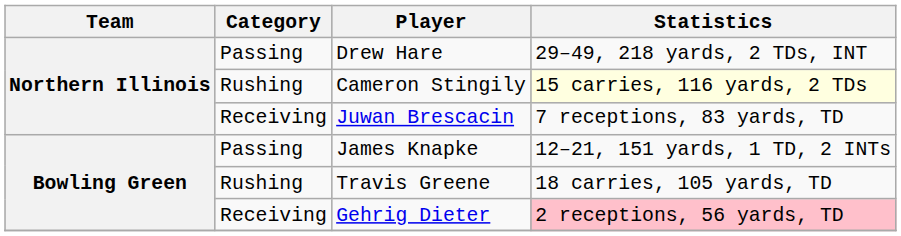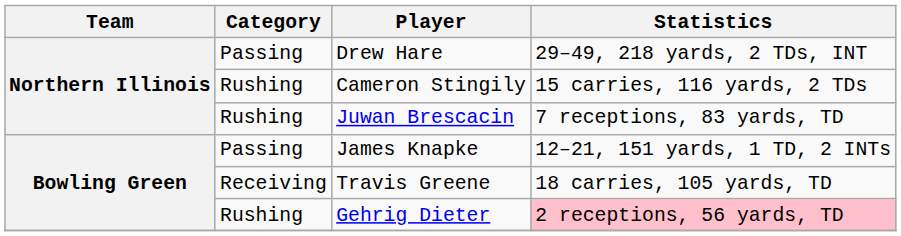 <table class="wikitable" style="float: right;">
 <tr>
 <th>Team</th>
 <th>Category</th>
 <th>Player</th>
 <th>Statistics</th>
 </tr>
 <tr>
 <th rowspan=3>Northern Illinois</th>
 <td>Passing</td>
 <td>Drew Hare</td>
 <td>29–49, 218 yards, 2 TDs, INT</td>
 </tr>
 <tr>
 <td>Rushing</td>
 <td>Cameron Stingily</td>
-<td style="background: lightyellow;">15 carries, 116 yards, 2 TDs</td>
+<td>15 carries, 116 yards, 2 TDs</td>
 </tr>
 <tr>
-<td>Receiving</td>
+<td>Rushing</td>
 <td><a href='#'>Juwan Brescacin</a></td>
 <td>7 receptions, 83 yards, TD</td>
 </tr>
 <tr>
 <th rowspan=3>Bowling Green</th>
 <td>Passing</td>
 <td>James Knapke</td>
 <td>12–21, 151 yards, 1 TD, 2 INTs</td>
 </tr>
 <tr>
-<td>Rushing</td>
+<td>Receiving</td>
 <td>Travis Greene</td>
 <td>18 carries, 105 yards, TD</td>
 </tr>
 <tr>
-<td>Receiving</td>
+<td>Rushing</td>
 <td><a href='#'>Gehrig Dieter</a></td>
 <td style="background: pink;">2 receptions, 56 yards, TD</td>
 </tr>
 <tr>
 </tr>
 </table>
